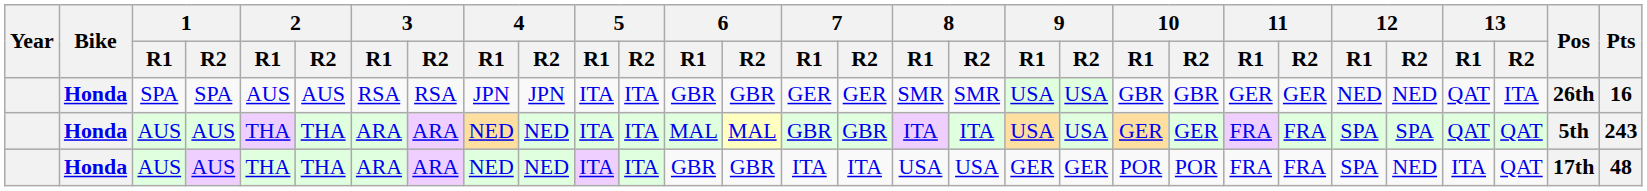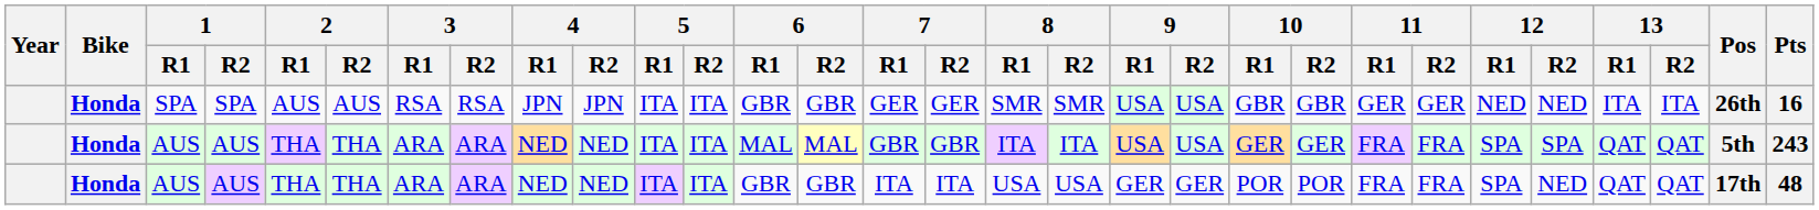 <table class="wikitable" style="text-align:center; font-size:90%">
 <tr>
 <th valign="middle" rowspan=2>Year</th>
 <th valign="middle" rowspan=2>Bike</th>
 <th colspan=2>1</th>
 <th colspan=2>2</th>
 <th colspan=2>3</th>
 <th colspan=2>4</th>
 <th colspan=2>5</th>
 <th colspan=2>6</th>
 <th colspan=2>7</th>
 <th colspan=2>8</th>
 <th colspan=2>9</th>
 <th colspan=2>10</th>
 <th colspan=2>11</th>
 <th colspan=2>12</th>
 <th colspan=2>13</th>
 <th rowspan=2>Pos</th>
 <th rowspan=2>Pts</th>
 </tr>
 <tr>
 <th>R1</th>
 <th>R2</th>
 <th>R1</th>
 <th>R2</th>
 <th>R1</th>
 <th>R2</th>
 <th>R1</th>
 <th>R2</th>
 <th>R1</th>
 <th>R2</th>
 <th>R1</th>
 <th>R2</th>
 <th>R1</th>
 <th>R2</th>
 <th>R1</th>
 <th>R2</th>
 <th>R1</th>
 <th>R2</th>
 <th>R1</th>
 <th>R2</th>
 <th>R1</th>
 <th>R2</th>
 <th>R1</th>
 <th>R2</th>
 <th>R1</th>
 <th>R2</th>
 </tr>
 <tr>
 <th></th>
 <th><a href='#'>Honda</a></th>
 <td><a href='#'>SPA</a></td>
 <td><a href='#'>SPA</a></td>
 <td><a href='#'>AUS</a></td>
 <td><a href='#'>AUS</a></td>
 <td><a href='#'>RSA</a></td>
 <td><a href='#'>RSA</a></td>
 <td><a href='#'>JPN</a></td>
 <td><a href='#'>JPN</a></td>
 <td><a href='#'>ITA</a></td>
 <td><a href='#'>ITA</a></td>
 <td><a href='#'>GBR</a></td>
 <td><a href='#'>GBR</a></td>
 <td><a href='#'>GER</a></td>
 <td><a href='#'>GER</a></td>
 <td><a href='#'>SMR</a></td>
 <td><a href='#'>SMR</a></td>
 <td style="background:#dfffdf;"><a href='#'>USA</a><br></td>
 <td style="background:#dfffdf;"><a href='#'>USA</a><br></td>
 <td><a href='#'>GBR</a></td>
 <td><a href='#'>GBR</a></td>
 <td><a href='#'>GER</a></td>
 <td><a href='#'>GER</a></td>
 <td><a href='#'>NED</a></td>
 <td><a href='#'>NED</a></td>
-<td><a href='#'>QAT</a></td>
+<td><a href='#'>ITA</a></td>
 <td><a href='#'>ITA</a></td>
 <th>26th</th>
 <th>16</th>
 </tr>
 <tr>
 <th></th>
 <th><a href='#'>Honda</a></th>
 <td style="background:#dfffdf;"><a href='#'>AUS</a><br></td>
 <td style="background:#dfffdf;"><a href='#'>AUS</a><br></td>
 <td style="background:#EFCFFF;"><a href='#'>THA</a><br></td>
 <td style="background:#dfffdf;"><a href='#'>THA</a><br></td>
 <td style="background:#dfffdf;"><a href='#'>ARA</a><br></td>
 <td style="background:#EFCFFF;"><a href='#'>ARA</a><br></td>
 <td style="background:#FFDF9F;"><a href='#'>NED</a><br></td>
 <td style="background:#dfffdf;"><a href='#'>NED</a><br></td>
 <td style="background:#dfffdf;"><a href='#'>ITA</a><br></td>
 <td style="background:#dfffdf;"><a href='#'>ITA</a><br></td>
 <td style="background:#dfffdf;"><a href='#'>MAL</a><br></td>
 <td style="background:#FFFFBF;"><a href='#'>MAL</a><br></td>
 <td style="background:#dfffdf;"><a href='#'>GBR</a><br></td>
 <td style="background:#dfffdf;"><a href='#'>GBR</a><br></td>
 <td style="background:#EFCFFF;"><a href='#'>ITA</a><br></td>
 <td style="background:#dfffdf;"><a href='#'>ITA</a><br></td>
 <td style="background:#FFDF9F;"><a href='#'>USA</a><br></td>
 <td style="background:#dfffdf;"><a href='#'>USA</a><br></td>
 <td style="background:#FFDF9F;"><a href='#'>GER</a><br></td>
 <td style="background:#dfffdf;"><a href='#'>GER</a><br></td>
 <td style="background:#efcfff;"><a href='#'>FRA</a><br></td>
 <td style="background:#dfffdf;"><a href='#'>FRA</a><br></td>
 <td style="background:#dfffdf;"><a href='#'>SPA</a><br></td>
 <td style="background:#dfffdf;"><a href='#'>SPA</a><br></td>
 <td style="background:#dfffdf;"><a href='#'>QAT</a><br></td>
 <td style="background:#dfffdf;"><a href='#'>QAT</a><br></td>
 <th>5th</th>
 <th>243</th>
 </tr>
 <tr>
 <th></th>
 <th><a href='#'>Honda</a></th>
 <td style="background:#dfffdf;"><a href='#'>AUS</a><br></td>
 <td style="background:#efcfff;"><a href='#'>AUS</a><br></td>
 <td style="background:#dfffdf;"><a href='#'>THA</a><br></td>
 <td style="background:#dfffdf;"><a href='#'>THA</a><br></td>
 <td style="background:#dfffdf;"><a href='#'>ARA</a><br></td>
 <td style="background:#efcfff;"><a href='#'>ARA</a><br></td>
 <td style="background:#dfffdf;"><a href='#'>NED</a><br></td>
 <td style="background:#dfffdf;"><a href='#'>NED</a><br></td>
 <td style="background:#efcfff;"><a href='#'>ITA</a><br></td>
 <td style="background:#dfffdf;"><a href='#'>ITA</a><br></td>
 <td><a href='#'>GBR</a></td>
 <td><a href='#'>GBR</a></td>
 <td><a href='#'>ITA</a></td>
 <td><a href='#'>ITA</a></td>
 <td><a href='#'>USA</a></td>
 <td><a href='#'>USA</a></td>
 <td><a href='#'>GER</a></td>
 <td><a href='#'>GER</a></td>
 <td><a href='#'>POR</a></td>
 <td><a href='#'>POR</a></td>
 <td><a href='#'>FRA</a></td>
 <td><a href='#'>FRA</a></td>
 <td><a href='#'>SPA</a></td>
 <td><a href='#'>NED</a></td>
-<td><a href='#'>ITA</a></td>
+<td><a href='#'>QAT</a></td>
 <td><a href='#'>QAT</a></td>
 <th>17th</th>
 <th>48</th>
 </tr>
 </table>
